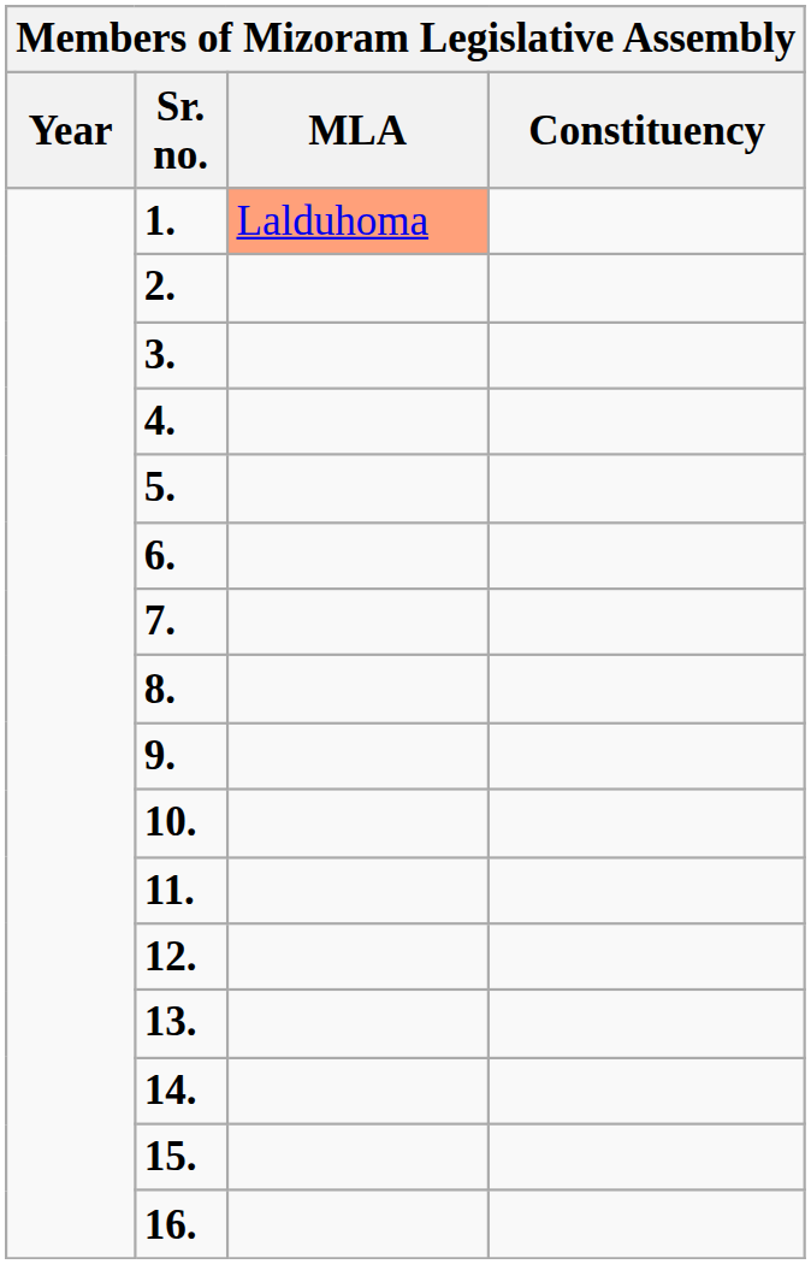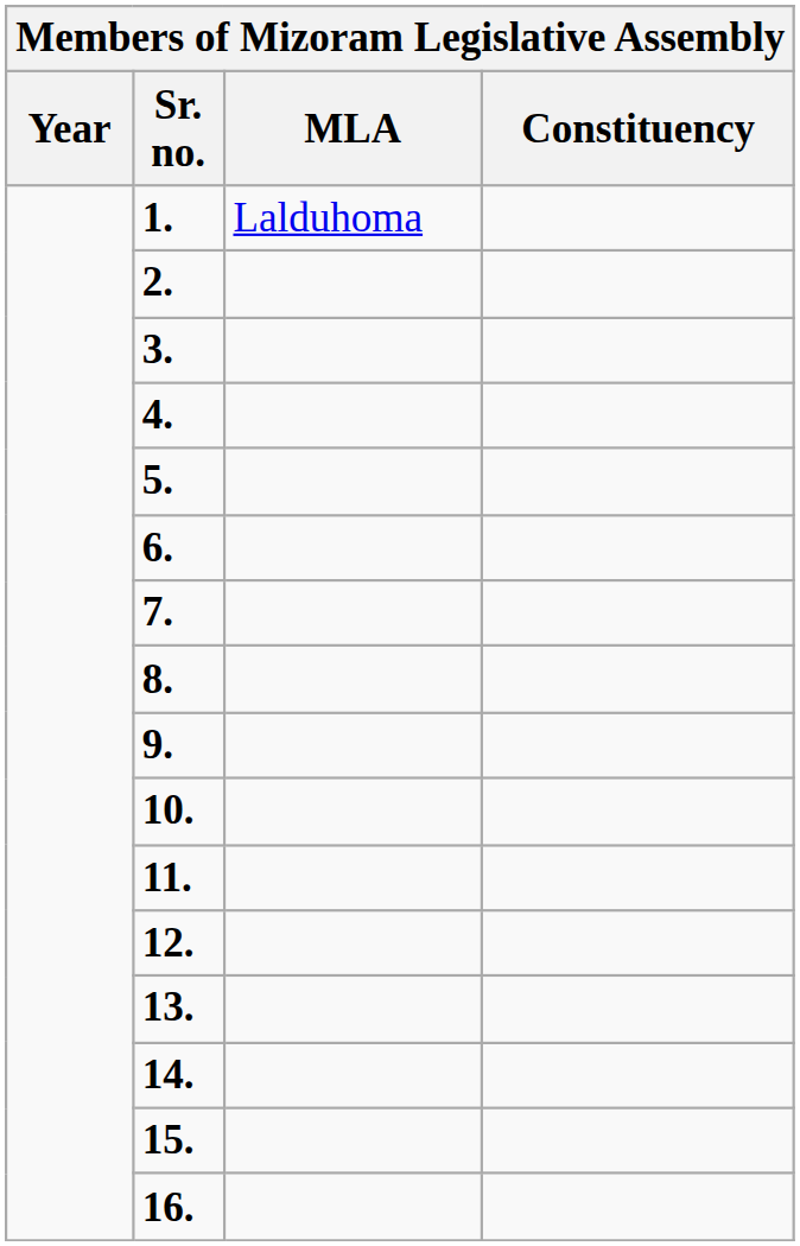 <table class="wikitable sortable">
 <tr>
 <th colspan="4">Members of Mizoram Legislative Assembly</th>
 </tr>
 <tr>
 <th>Year</th>
 <th>Sr.<br>no.</th>
 <th>MLA</th>
 <th>Constituency</th>
 </tr>
 <tr>
 <td rowspan="16"></td>
 <td><strong>1.</strong></td>
-<td style="background: lightsalmon;"><a href='#'>Lalduhoma</a></td>
+<td><a href='#'>Lalduhoma</a></td>
 <td></td>
 </tr>
 <tr>
 <td><strong>2.</strong></td>
 <td></td>
 <td></td>
 </tr>
 <tr>
 <td><strong>3.</strong></td>
 <td></td>
 <td></td>
 </tr>
 <tr>
 <td><strong>4.</strong></td>
 <td></td>
 <td></td>
 </tr>
 <tr>
 <td><strong>5.</strong></td>
 <td></td>
 <td></td>
 </tr>
 <tr>
 <td><strong>6.</strong></td>
 <td></td>
 <td></td>
 </tr>
 <tr>
 <td><strong>7.</strong></td>
 <td></td>
 <td></td>
 </tr>
 <tr>
 <td><strong>8.</strong></td>
 <td></td>
 <td></td>
 </tr>
 <tr>
 <td><strong>9.</strong></td>
 <td></td>
 <td></td>
 </tr>
 <tr>
 <td><strong>10.</strong></td>
 <td></td>
 <td></td>
 </tr>
 <tr>
 <td><strong>11.</strong></td>
 <td></td>
 <td></td>
 </tr>
 <tr>
 <td><strong>12.</strong></td>
 <td></td>
 <td></td>
 </tr>
 <tr>
 <td><strong>13.</strong></td>
 <td></td>
 <td></td>
 </tr>
 <tr>
 <td><strong>14.</strong></td>
 <td></td>
 <td></td>
 </tr>
 <tr>
 <td><strong>15.</strong></td>
 <td></td>
 <td></td>
 </tr>
 <tr>
 <td><strong>16.</strong></td>
 <td></td>
 <td></td>
 </tr>
 </table>
